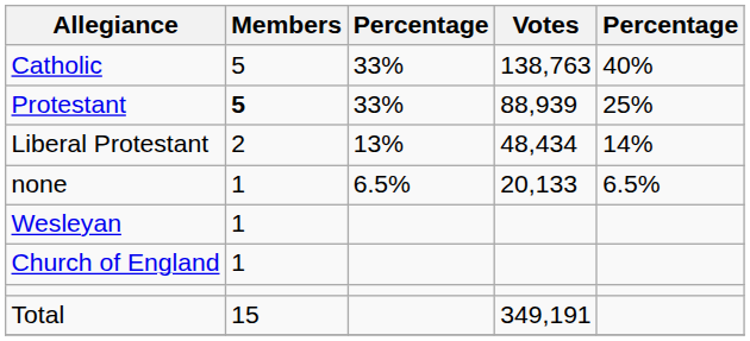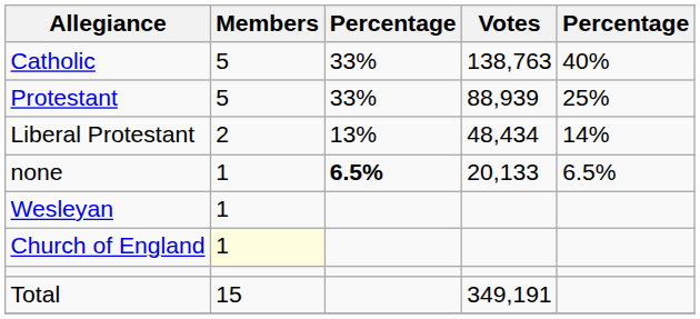 <table class="wikitable">
 <tr>
 <th>Allegiance</th>
 <th>Members</th>
 <th>Percentage</th>
 <th>Votes</th>
 <th>Percentage</th>
 </tr>
 <tr>
 <td><a href='#'>Catholic</a></td>
 <td>5</td>
 <td>33%</td>
 <td>138,763</td>
 <td>40%</td>
 </tr>
 <tr>
 <td><a href='#'>Protestant</a></td>
-<td><strong>5</strong></td>
+<td>5</td>
 <td>33%</td>
 <td>88,939</td>
 <td>25%</td>
 </tr>
 <tr>
 <td>Liberal Protestant</td>
 <td>2</td>
 <td>13%</td>
 <td>48,434</td>
 <td>14%</td>
 </tr>
 <tr>
 <td>none</td>
 <td>1</td>
-<td>6.5%</td>
+<td><strong>6.5%</strong></td>
 <td>20,133</td>
 <td>6.5%</td>
 </tr>
 <tr>
 <td><a href='#'>Wesleyan</a></td>
 <td>1</td>
 <td></td>
 <td></td>
 <td></td>
 </tr>
 <tr>
 <td><a href='#'>Church of England</a></td>
-<td>1</td>
+<td style="background: lightyellow;">1</td>
 <td></td>
 <td></td>
 <td></td>
 </tr>
 <tr>
 <td></td>
 <td></td>
 <td></td>
 <td></td>
 <td></td>
 </tr>
 <tr>
 <td>Total</td>
 <td>15</td>
 <td></td>
 <td>349,191</td>
 <td></td>
 </tr>
 <tr>
 </tr>
 </table>
